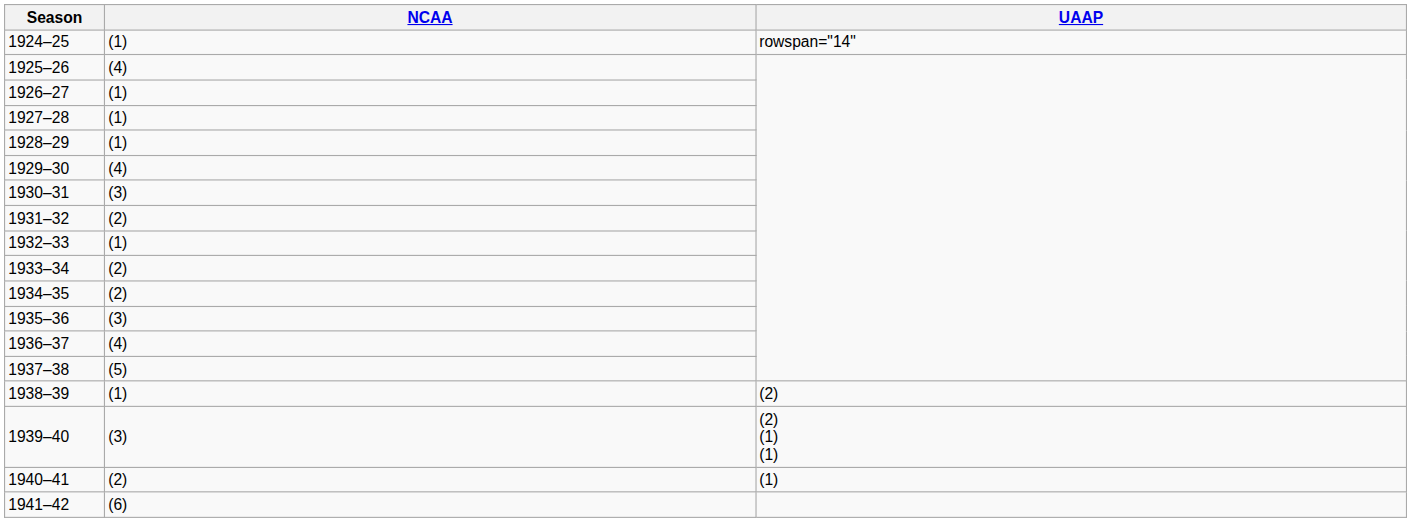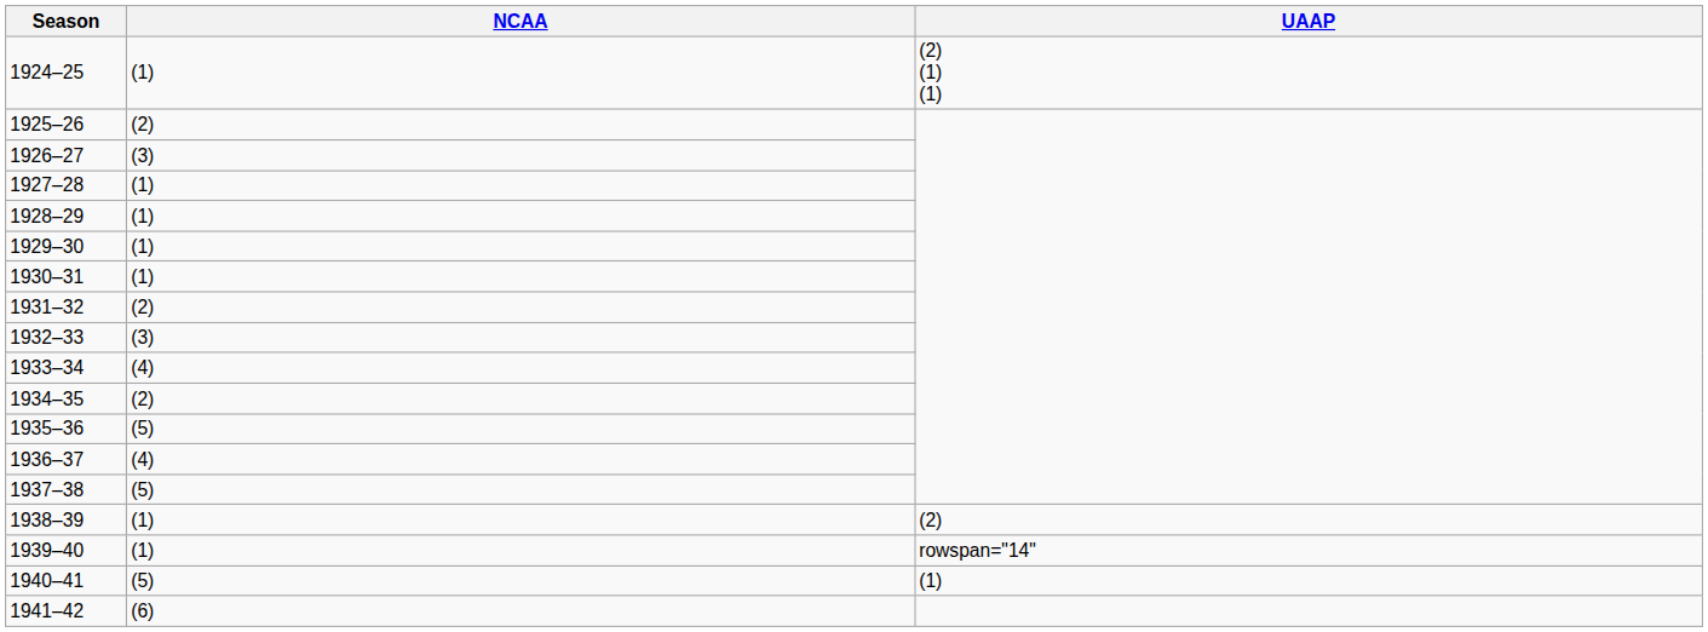 <table class="wikitable" width=100% style="font-size:88%">
 <tr bgcolor="#efefef">
 <th width=2%>Season</th>
 <th width=20%><a href='#'>NCAA</a></th>
 <th width=20%><a href='#'>UAAP</a></th>
 </tr>
 <tr>
 <td>1924–25</td>
 <td> (1)</td>
-<td>rowspan="14" </td>
+<td> (2)<br> (1)<br> (1)</td>
 </tr>
 <tr>
 <td>1925–26</td>
-<td> (4)</td>
+<td> (2)</td>
 </tr>
 <tr>
 <td>1926–27</td>
-<td> (1)</td>
+<td> (3)</td>
 </tr>
 <tr>
 <td>1927–28</td>
 <td> (1)</td>
 </tr>
 <tr>
 <td>1928–29</td>
 <td> (1)</td>
 </tr>
 <tr>
 <td>1929–30</td>
-<td> (4)</td>
+<td> (1)</td>
 </tr>
 <tr>
 <td>1930–31</td>
-<td> (3)</td>
+<td> (1)</td>
 </tr>
 <tr>
 <td>1931–32</td>
 <td> (2)</td>
 </tr>
 <tr>
 <td>1932–33</td>
-<td> (1)</td>
+<td> (3)</td>
 </tr>
 <tr>
 <td>1933–34</td>
-<td> (2)</td>
+<td> (4)</td>
 </tr>
 <tr>
 <td>1934–35</td>
 <td> (2)</td>
 </tr>
 <tr>
 <td>1935–36</td>
-<td> (3)</td>
+<td> (5)</td>
 </tr>
 <tr>
 <td>1936–37</td>
 <td> (4)</td>
 </tr>
 <tr>
 <td>1937–38</td>
 <td> (5)</td>
 </tr>
 <tr>
 <td>1938–39</td>
 <td> (1)</td>
 <td> (2)</td>
 </tr>
 <tr>
 <td>1939–40</td>
-<td> (3)</td>
-<td> (2)<br> (1)<br> (1)</td>
+<td> (1)</td>
+<td>rowspan="14" </td>
 </tr>
 <tr>
 <td>1940–41</td>
-<td> (2)</td>
+<td> (5)</td>
 <td> (1)</td>
 </tr>
 <tr>
 <td>1941–42</td>
 <td> (6)</td>
 <td></td>
 </tr>
 </table>
